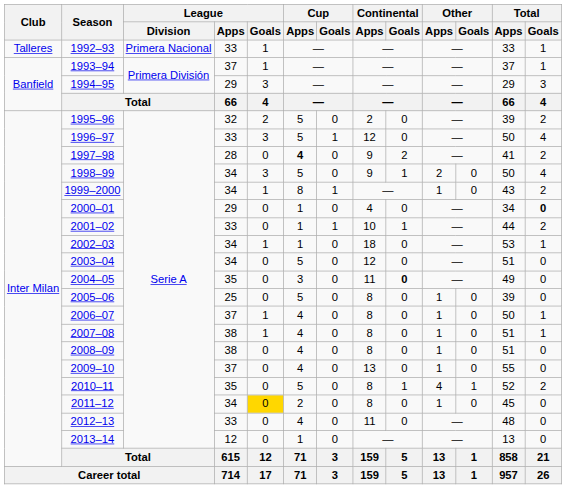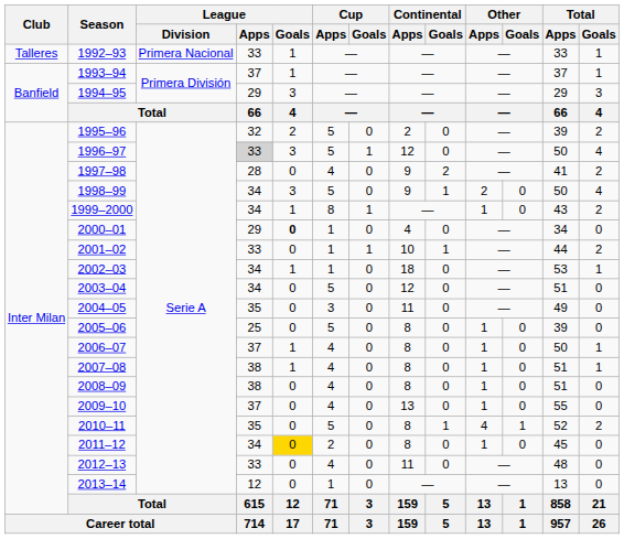 <table class="wikitable" style="text-align:center">
 <tr>
 <th rowspan="2">Club</th>
 <th rowspan="2">Season</th>
 <th colspan="3">League</th>
 <th colspan="2">Cup</th>
 <th colspan="2">Continental</th>
 <th colspan="2">Other</th>
 <th colspan="2">Total</th>
 </tr>
 <tr>
 <th>Division</th>
 <th>Apps</th>
 <th>Goals</th>
 <th>Apps</th>
 <th>Goals</th>
 <th>Apps</th>
 <th>Goals</th>
 <th>Apps</th>
 <th>Goals</th>
 <th>Apps</th>
 <th>Goals</th>
 </tr>
 <tr>
 <td><a href='#'>Talleres</a></td>
 <td><a href='#'>1992–93</a></td>
 <td><a href='#'>Primera Nacional</a></td>
 <td>33</td>
 <td>1</td>
 <td colspan="2">—</td>
 <td colspan="2">—</td>
 <td colspan="2">—</td>
 <td>33</td>
 <td>1</td>
 </tr>
 <tr>
 <td rowspan="3"><a href='#'>Banfield</a></td>
 <td><a href='#'>1993–94</a></td>
 <td rowspan="2"><a href='#'>Primera División</a></td>
 <td>37</td>
 <td>1</td>
 <td colspan="2">—</td>
 <td colspan="2">—</td>
 <td colspan="2">—</td>
 <td>37</td>
 <td>1</td>
 </tr>
 <tr>
 <td><a href='#'>1994–95</a></td>
 <td>29</td>
 <td>3</td>
 <td colspan="2">—</td>
 <td colspan="2">—</td>
 <td colspan="2">—</td>
 <td>29</td>
 <td>3</td>
 </tr>
 <tr>
 <th colspan="2">Total</th>
 <th>66</th>
 <th>4</th>
 <th colspan="2">—</th>
 <th colspan="2">—</th>
 <th colspan="2">—</th>
 <th>66</th>
 <th>4</th>
 </tr>
 <tr>
 <td rowspan="20"><a href='#'>Inter Milan</a></td>
 <td><a href='#'>1995–96</a></td>
 <td rowspan=19><a href='#'>Serie A</a></td>
 <td>32</td>
 <td>2</td>
 <td>5</td>
 <td>0</td>
 <td>2</td>
 <td>0</td>
 <td colspan="2">—</td>
 <td>39</td>
 <td>2</td>
 </tr>
 <tr>
 <td><a href='#'>1996–97</a></td>
-<td>33</td>
+<td style="background: lightgrey;">33</td>
 <td>3</td>
 <td>5</td>
 <td>1</td>
 <td>12</td>
 <td>0</td>
 <td colspan="2">—</td>
 <td>50</td>
 <td>4</td>
 </tr>
 <tr>
 <td><a href='#'>1997–98</a></td>
 <td>28</td>
 <td>0</td>
-<td><strong>4</strong></td>
+<td>4</td>
 <td>0</td>
 <td>9</td>
 <td>2</td>
 <td colspan="2">—</td>
 <td>41</td>
 <td>2</td>
 </tr>
 <tr>
 <td><a href='#'>1998–99</a></td>
 <td>34</td>
 <td>3</td>
 <td>5</td>
 <td>0</td>
 <td>9</td>
 <td>1</td>
 <td>2</td>
 <td>0</td>
 <td>50</td>
 <td>4</td>
 </tr>
 <tr>
 <td><a href='#'>1999–2000</a></td>
 <td>34</td>
 <td>1</td>
 <td>8</td>
 <td>1</td>
 <td colspan="2">—</td>
 <td>1</td>
 <td>0</td>
 <td>43</td>
 <td>2</td>
 </tr>
 <tr>
 <td><a href='#'>2000–01</a></td>
 <td>29</td>
-<td>0</td>
+<td><strong>0</strong></td>
 <td>1</td>
 <td>0</td>
 <td>4</td>
 <td>0</td>
 <td colspan="2">—</td>
 <td>34</td>
-<td><strong>0</strong></td>
+<td>0</td>
 </tr>
 <tr>
 <td><a href='#'>2001–02</a></td>
 <td>33</td>
 <td>0</td>
 <td>1</td>
 <td>1</td>
 <td>10</td>
 <td>1</td>
 <td colspan="2">—</td>
 <td>44</td>
 <td>2</td>
 </tr>
 <tr>
 <td><a href='#'>2002–03</a></td>
 <td>34</td>
 <td>1</td>
 <td>1</td>
 <td>0</td>
 <td>18</td>
 <td>0</td>
 <td colspan="2">—</td>
 <td>53</td>
 <td>1</td>
 </tr>
 <tr>
 <td><a href='#'>2003–04</a></td>
 <td>34</td>
 <td>0</td>
 <td>5</td>
 <td>0</td>
 <td>12</td>
 <td>0</td>
 <td colspan="2">—</td>
 <td>51</td>
 <td>0</td>
 </tr>
 <tr>
 <td><a href='#'>2004–05</a></td>
 <td>35</td>
 <td>0</td>
 <td>3</td>
 <td>0</td>
 <td>11</td>
-<td><strong>0</strong></td>
+<td>0</td>
 <td colspan="2">—</td>
 <td>49</td>
 <td>0</td>
 </tr>
 <tr>
 <td><a href='#'>2005–06</a></td>
 <td>25</td>
 <td>0</td>
 <td>5</td>
 <td>0</td>
 <td>8</td>
 <td>0</td>
 <td>1</td>
 <td>0</td>
 <td>39</td>
 <td>0</td>
 </tr>
 <tr>
 <td><a href='#'>2006–07</a></td>
 <td>37</td>
 <td>1</td>
 <td>4</td>
 <td>0</td>
 <td>8</td>
 <td>0</td>
 <td>1</td>
 <td>0</td>
 <td>50</td>
 <td>1</td>
 </tr>
 <tr>
 <td><a href='#'>2007–08</a></td>
 <td>38</td>
 <td>1</td>
 <td>4</td>
 <td>0</td>
 <td>8</td>
 <td>0</td>
 <td>1</td>
 <td>0</td>
 <td>51</td>
 <td>1</td>
 </tr>
 <tr>
 <td><a href='#'>2008–09</a></td>
 <td>38</td>
 <td>0</td>
 <td>4</td>
 <td>0</td>
 <td>8</td>
 <td>0</td>
 <td>1</td>
 <td>0</td>
 <td>51</td>
 <td>0</td>
 </tr>
 <tr>
 <td><a href='#'>2009–10</a></td>
 <td>37</td>
 <td>0</td>
 <td>4</td>
 <td>0</td>
 <td>13</td>
 <td>0</td>
 <td>1</td>
 <td>0</td>
 <td>55</td>
 <td>0</td>
 </tr>
 <tr>
 <td><a href='#'>2010–11</a></td>
 <td>35</td>
 <td>0</td>
 <td>5</td>
 <td>0</td>
 <td>8</td>
 <td>1</td>
 <td>4</td>
 <td>1</td>
 <td>52</td>
 <td>2</td>
 </tr>
 <tr>
 <td><a href='#'>2011–12</a></td>
 <td>34</td>
 <td style="background: gold;">0</td>
 <td>2</td>
 <td>0</td>
 <td>8</td>
 <td>0</td>
 <td>1</td>
 <td>0</td>
 <td>45</td>
 <td>0</td>
 </tr>
 <tr>
 <td><a href='#'>2012–13</a></td>
 <td>33</td>
 <td>0</td>
 <td>4</td>
 <td>0</td>
 <td>11</td>
 <td>0</td>
 <td colspan="2">—</td>
 <td>48</td>
 <td>0</td>
 </tr>
 <tr>
 <td><a href='#'>2013–14</a></td>
 <td>12</td>
 <td>0</td>
 <td>1</td>
 <td>0</td>
 <td colspan="2">—</td>
 <td colspan="2">—</td>
 <td>13</td>
 <td>0</td>
 </tr>
 <tr>
 <th colspan="2">Total</th>
 <th>615</th>
 <th>12</th>
 <th>71</th>
 <th>3</th>
 <th>159</th>
 <th>5</th>
 <th>13</th>
 <th>1</th>
 <th>858</th>
 <th>21</th>
 </tr>
 <tr>
 <th colspan="3">Career total</th>
 <th>714</th>
 <th>17</th>
 <th>71</th>
 <th>3</th>
 <th>159</th>
 <th>5</th>
 <th>13</th>
 <th>1</th>
 <th>957</th>
 <th>26</th>
 </tr>
 </table>
